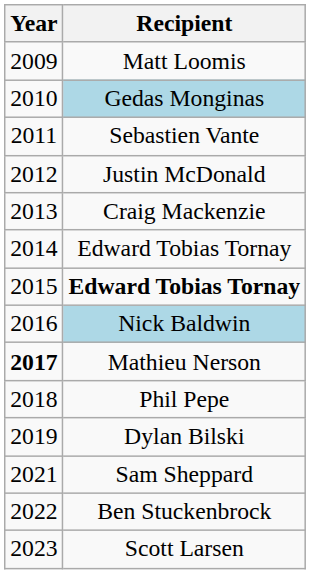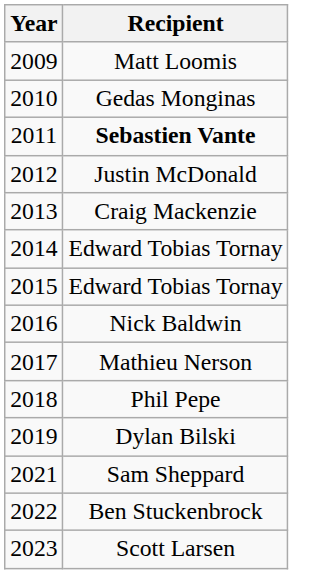 <table class="wikitable" style="text-align:center">
 <tr>
 <th>Year</th>
 <th>Recipient</th>
 </tr>
 <tr>
 <td>2009</td>
 <td>Matt Loomis</td>
 </tr>
 <tr>
 <td>2010</td>
-<td style="background: lightblue;">Gedas Monginas</td>
+<td>Gedas Monginas</td>
 </tr>
 <tr>
 <td>2011</td>
-<td>Sebastien Vante</td>
+<td><strong>Sebastien Vante</strong></td>
 </tr>
 <tr>
 <td>2012</td>
 <td>Justin McDonald</td>
 </tr>
 <tr>
 <td>2013</td>
 <td>Craig Mackenzie</td>
 </tr>
 <tr>
 <td>2014</td>
 <td>Edward Tobias Tornay</td>
 </tr>
 <tr>
 <td>2015</td>
-<td><strong>Edward Tobias Tornay</strong></td>
+<td>Edward Tobias Tornay</td>
 </tr>
 <tr>
 <td>2016</td>
-<td style="background: lightblue;">Nick Baldwin</td>
+<td>Nick Baldwin</td>
 </tr>
 <tr>
-<td><strong>2017</strong></td>
+<td>2017</td>
 <td>Mathieu Nerson</td>
 </tr>
 <tr>
 <td>2018</td>
 <td>Phil Pepe</td>
 </tr>
 <tr>
 <td>2019</td>
 <td>Dylan Bilski</td>
 </tr>
 <tr>
 <td>2021</td>
 <td>Sam Sheppard</td>
 </tr>
 <tr>
 <td>2022</td>
 <td>Ben Stuckenbrock</td>
 </tr>
 <tr>
 <td>2023</td>
 <td>Scott Larsen</td>
 </tr>
 </table>
